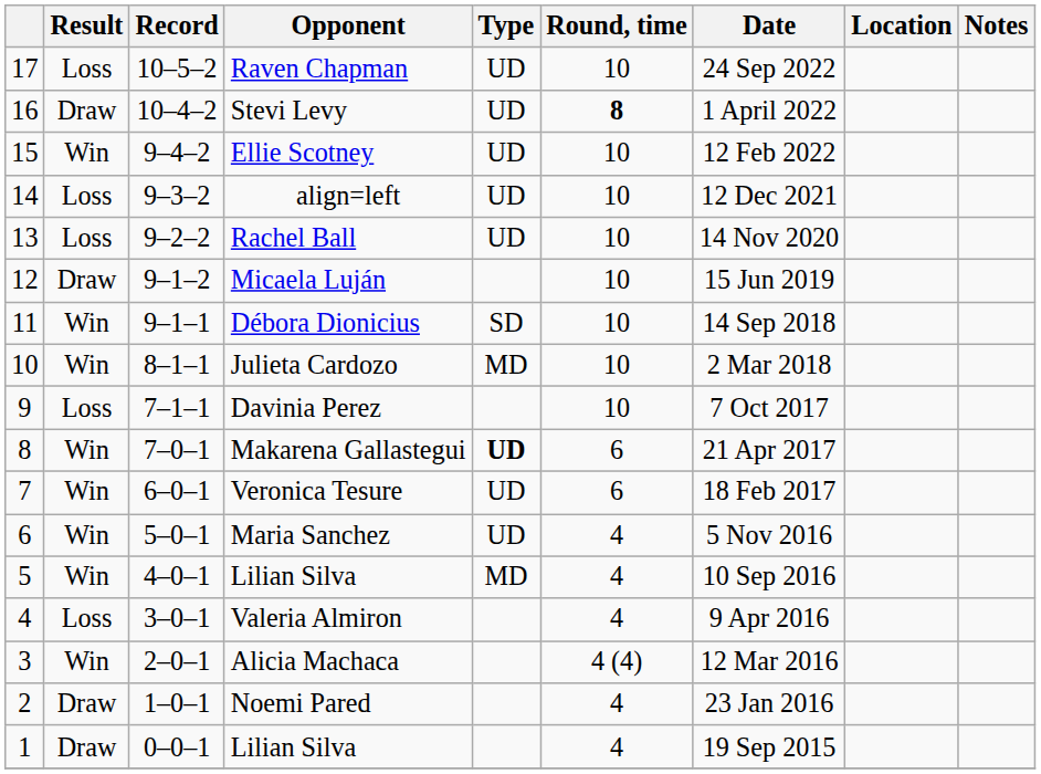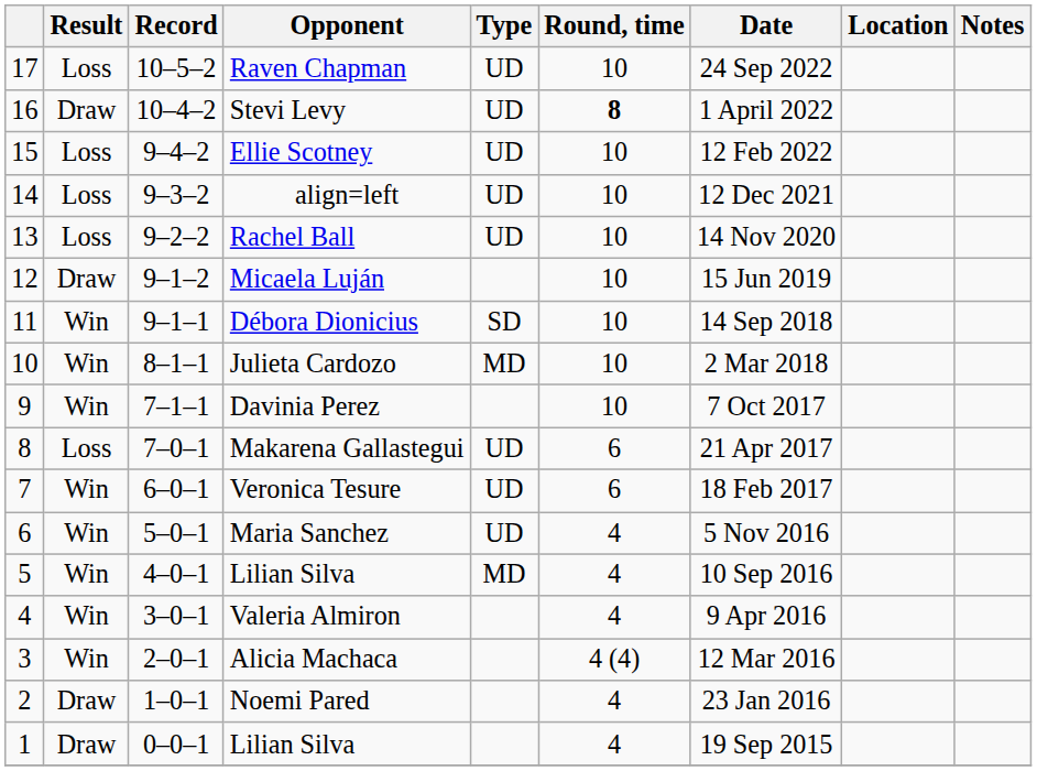 <table class="wikitable" style="text-align:center">
 <tr>
 <th></th>
 <th>Result</th>
 <th>Record</th>
 <th>Opponent</th>
 <th>Type</th>
 <th>Round, time</th>
 <th>Date</th>
 <th>Location</th>
 <th>Notes</th>
 </tr>
 <tr>
 <td>17</td>
 <td>Loss</td>
 <td>10–5–2</td>
 <td align=left> <a href='#'>Raven Chapman</a></td>
 <td>UD</td>
 <td>10</td>
 <td>24 Sep 2022</td>
 <td align=left></td>
 <td align=left></td>
 </tr>
 <tr>
 <td>16</td>
 <td>Draw</td>
 <td>10–4–2</td>
 <td align=left> Stevi Levy</td>
 <td>UD</td>
 <td><strong>8</strong></td>
 <td>1 April 2022</td>
 <td align=left></td>
 <td></td>
 </tr>
 <tr>
 <td>15</td>
-<td>Win</td>
+<td>Loss</td>
 <td>9–4–2</td>
 <td align=left> <a href='#'>Ellie Scotney</a></td>
 <td>UD</td>
 <td>10</td>
 <td>12 Feb 2022</td>
 <td align=left></td>
 <td align=left></td>
 </tr>
 <tr>
 <td>14</td>
 <td>Loss</td>
 <td>9–3–2</td>
 <td>align=left</td>
 <td>UD</td>
 <td>10</td>
 <td>12 Dec 2021</td>
 <td align=left></td>
 <td align=left></td>
 </tr>
 <tr>
 <td>13</td>
 <td>Loss</td>
 <td>9–2–2</td>
 <td align=left> <a href='#'>Rachel Ball</a></td>
 <td>UD</td>
 <td>10</td>
 <td>14 Nov 2020</td>
 <td align=left></td>
 <td></td>
 </tr>
 <tr>
 <td>12</td>
 <td>Draw</td>
 <td>9–1–2</td>
 <td align=left> <a href='#'>Micaela Luján</a></td>
 <td></td>
 <td>10</td>
 <td>15 Jun 2019</td>
 <td align=left></td>
 <td align=left></td>
 </tr>
 <tr>
 <td>11</td>
 <td>Win</td>
 <td>9–1–1</td>
 <td align=left> <a href='#'>Débora Dionicius</a></td>
 <td>SD</td>
 <td>10</td>
 <td>14 Sep 2018</td>
 <td align=left></td>
 <td align=left></td>
 </tr>
 <tr>
 <td>10</td>
 <td>Win</td>
 <td>8–1–1</td>
 <td align=left> Julieta Cardozo</td>
 <td>MD</td>
 <td>10</td>
 <td>2 Mar 2018</td>
 <td align=left></td>
 <td align=left></td>
 </tr>
 <tr>
 <td>9</td>
-<td>Loss</td>
+<td>Win</td>
 <td>7–1–1</td>
 <td align=left> Davinia Perez</td>
 <td></td>
 <td>10</td>
 <td>7 Oct 2017</td>
 <td align=left></td>
 <td align=left></td>
 </tr>
 <tr>
 <td>8</td>
-<td>Win</td>
+<td>Loss</td>
 <td>7–0–1</td>
 <td align=left> Makarena Gallastegui</td>
-<td><strong>UD</strong></td>
+<td>UD</td>
 <td>6</td>
 <td>21 Apr 2017</td>
 <td align=left></td>
 <td></td>
 </tr>
 <tr>
 <td>7</td>
 <td>Win</td>
 <td>6–0–1</td>
 <td align=left> Veronica Tesure</td>
 <td>UD</td>
 <td>6</td>
 <td>18 Feb 2017</td>
 <td align=left></td>
 <td></td>
 </tr>
 <tr>
 <td>6</td>
 <td>Win</td>
 <td>5–0–1</td>
 <td align=left> Maria Sanchez</td>
 <td>UD</td>
 <td>4</td>
 <td>5 Nov 2016</td>
 <td align=left></td>
 <td></td>
 </tr>
 <tr>
 <td>5</td>
 <td>Win</td>
 <td>4–0–1</td>
 <td align=left> Lilian Silva</td>
 <td>MD</td>
 <td>4</td>
 <td>10 Sep 2016</td>
 <td align=left></td>
 <td></td>
 </tr>
 <tr>
 <td>4</td>
-<td>Loss</td>
+<td>Win</td>
 <td>3–0–1</td>
 <td align=left> Valeria Almiron</td>
 <td></td>
 <td>4</td>
 <td>9 Apr 2016</td>
 <td align=left></td>
 <td></td>
 </tr>
 <tr>
 <td>3</td>
 <td>Win</td>
 <td>2–0–1</td>
 <td align=left> Alicia Machaca</td>
 <td></td>
 <td>4 (4)</td>
 <td>12 Mar 2016</td>
 <td align=left></td>
 <td></td>
 </tr>
 <tr>
 <td>2</td>
 <td>Draw</td>
 <td>1–0–1</td>
 <td align=left> Noemi Pared</td>
 <td></td>
 <td>4</td>
 <td>23 Jan 2016</td>
 <td align=left></td>
 <td></td>
 </tr>
 <tr>
 <td>1</td>
 <td>Draw</td>
 <td>0–0–1</td>
 <td align=left> Lilian Silva</td>
 <td></td>
 <td>4</td>
 <td>19 Sep 2015</td>
 <td align=left></td>
 <td></td>
 </tr>
 <tr>
 </tr>
 </table>
